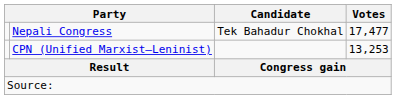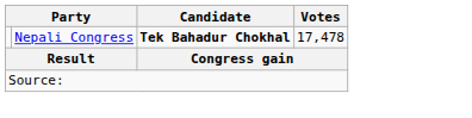 <table class="wikitable">
 <tr>
 <th colspan="2">Party</th>
 <th>Candidate</th>
 <th>Votes</th>
 </tr>
 <tr>
 <td style="background-color:"></td>
 <td><a href='#'>Nepali Congress</a></td>
-<td>Tek Bahadur Chokhal</td>
-<td>17,477</td>
-</tr>
-<tr>
-<td style="background-color:"></td>
-<td><a href='#'>CPN (Unified Marxist–Leninist)</a></td>
-<td></td>
-<td>13,253</td>
+<td><strong>Tek Bahadur Chokhal</strong></td>
+<td>17,478</td>
 </tr>
 <tr>
 <th colspan="2">Result</th>
 <th colspan="2">Congress gain</th>
 </tr>
 <tr>
 <td colspan="4">Source: </td>
 </tr>
 </table>
